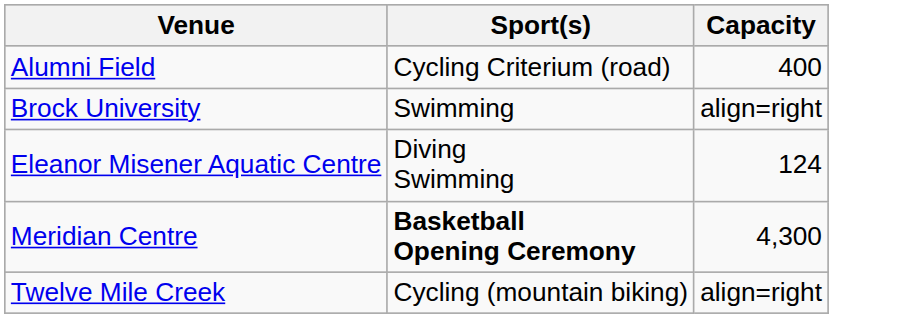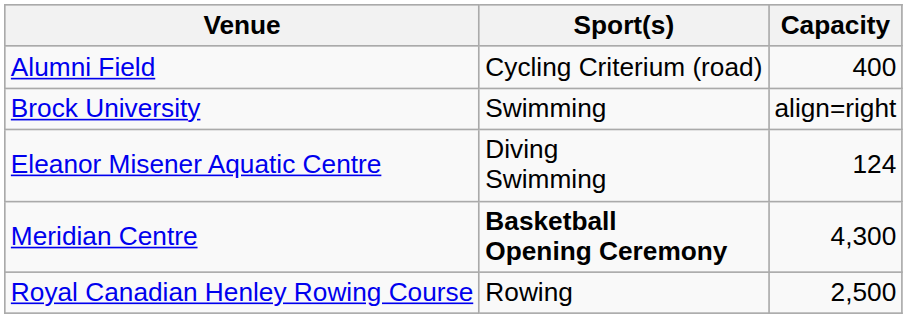 <table class="wikitable sortable">
 <tr>
 <th>Venue</th>
 <th>Sport(s)</th>
 <th>Capacity</th>
 </tr>
 <tr>
 <td><a href='#'>Alumni Field</a></td>
 <td>Cycling Criterium (road)</td>
 <td align="right">400</td>
 </tr>
 <tr>
 <td><a href='#'>Brock University</a></td>
 <td>Swimming</td>
 <td>align=right </td>
 </tr>
 <tr>
 <td><a href='#'>Eleanor Misener Aquatic Centre</a></td>
 <td>Diving<br>Swimming</td>
 <td align="right">124</td>
 </tr>
 <tr>
 <td><a href='#'>Meridian Centre</a></td>
 <td><strong>Basketball<br>Opening Ceremony</strong></td>
 <td align="right">4,300</td>
 </tr>
 <tr>
-<td><a href='#'>Twelve Mile Creek</a></td>
-<td>Cycling (mountain biking)</td>
-<td>align=right </td>
+<td><a href='#'>Royal Canadian Henley Rowing Course</a></td>
+<td>Rowing</td>
+<td align="right">2,500</td>
 </tr>
 </table>
